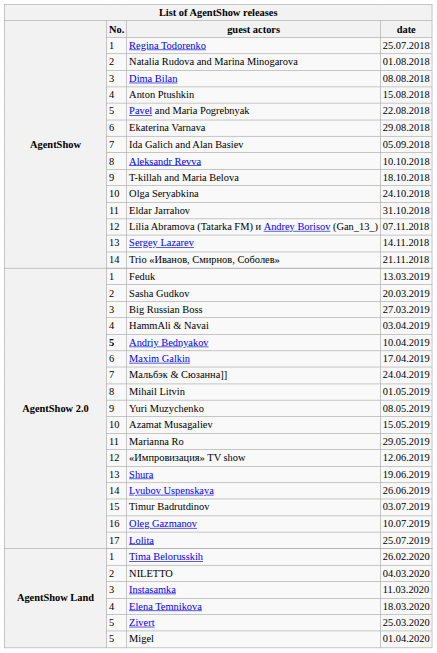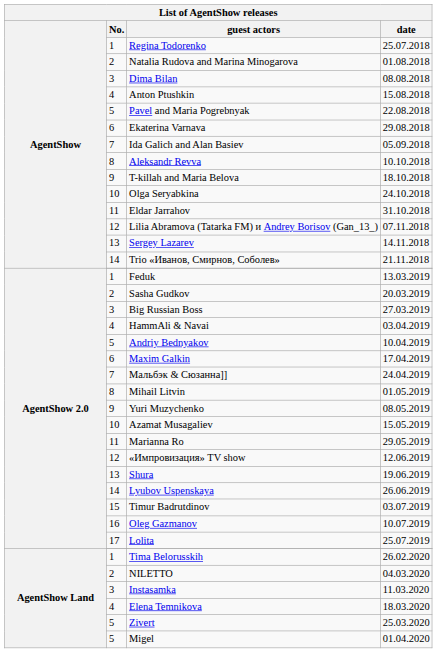 <table class="wikitable collapsible collapsed">
 <tr>
 <th colspan="6">List of AgentShow releases</th>
 </tr>
 <tr>
 <th rowspan="15" width="150">AgentShow</th>
 <th>No.</th>
 <th>guest actors</th>
 <th>date</th>
 </tr>
 <tr>
 <td>1</td>
 <td><a href='#'>Regina Todorenko</a></td>
 <td>25.07.2018</td>
 </tr>
 <tr>
 <td>2</td>
 <td>Natalia Rudova and Marina Minogarova</td>
 <td>01.08.2018</td>
 </tr>
 <tr>
 <td>3</td>
 <td><a href='#'>Dima Bilan</a></td>
 <td>08.08.2018</td>
 </tr>
 <tr>
 <td>4</td>
 <td>Anton Ptushkin</td>
 <td>15.08.2018</td>
 </tr>
 <tr>
 <td>5</td>
 <td><a href='#'>Pavel</a> and Maria Pogrebnyak</td>
 <td>22.08.2018</td>
 </tr>
 <tr>
 <td>6</td>
 <td>Ekaterina Varnava</td>
 <td>29.08.2018</td>
 </tr>
 <tr>
 <td>7</td>
 <td>Ida Galich and Alan Basiev</td>
 <td>05.09.2018</td>
 </tr>
 <tr>
 <td>8</td>
 <td><a href='#'>Aleksandr Revva</a></td>
 <td>10.10.2018</td>
 </tr>
 <tr>
 <td>9</td>
 <td>T-killah and Maria Belova</td>
 <td>18.10.2018</td>
 </tr>
 <tr>
 <td>10</td>
 <td>Olga Seryabkina</td>
 <td>24.10.2018</td>
 </tr>
 <tr>
 <td>11</td>
 <td>Eldar Jarrahov</td>
 <td>31.10.2018</td>
 </tr>
 <tr>
 <td>12</td>
 <td>Lilia Abramova (Tatarka FM) и <a href='#'>Andrey Borisov</a> (Gan_13_)</td>
 <td>07.11.2018</td>
 </tr>
 <tr>
 <td>13</td>
 <td><a href='#'>Sergey Lazarev</a></td>
 <td>14.11.2018</td>
 </tr>
 <tr>
 <td>14</td>
 <td>Trio «Иванов, Смирнов, Соболев»</td>
 <td>21.11.2018</td>
 </tr>
 <tr>
 <th rowspan="18">AgentShow 2.0</th>
 </tr>
 <tr>
 <td>1</td>
 <td>Feduk</td>
 <td>13.03.2019</td>
 </tr>
 <tr>
 <td>2</td>
 <td>Sasha Gudkov</td>
 <td>20.03.2019</td>
 </tr>
 <tr>
 <td>3</td>
 <td>Big Russian Boss</td>
 <td>27.03.2019</td>
 </tr>
 <tr>
 <td>4</td>
 <td>HammAli & Navai</td>
 <td>03.04.2019</td>
 </tr>
 <tr>
-<td><strong>5</strong></td>
+<td>5</td>
 <td><a href='#'>Andriy Bednyakov</a></td>
 <td>10.04.2019</td>
 </tr>
 <tr>
 <td>6</td>
 <td><a href='#'>Maxim Galkin</a></td>
 <td>17.04.2019</td>
 </tr>
 <tr>
 <td>7</td>
 <td>Мальбэк & Сюзанна]]</td>
 <td>24.04.2019</td>
 </tr>
 <tr>
 <td>8</td>
 <td>Mihail Litvin</td>
 <td>01.05.2019</td>
 </tr>
 <tr>
 <td>9</td>
 <td>Yuri Muzychenko</td>
 <td>08.05.2019</td>
 </tr>
 <tr>
 <td>10</td>
 <td>Azamat Musagaliev</td>
 <td>15.05.2019</td>
 </tr>
 <tr>
 <td>11</td>
 <td>Marianna Ro</td>
 <td>29.05.2019</td>
 </tr>
 <tr>
 <td>12</td>
 <td>«Импровизация» TV show</td>
 <td>12.06.2019</td>
 </tr>
 <tr>
 <td>13</td>
 <td><a href='#'>Shura</a></td>
 <td>19.06.2019</td>
 </tr>
 <tr>
 <td>14</td>
 <td><a href='#'>Lyubov Uspenskaya</a></td>
 <td>26.06.2019</td>
 </tr>
 <tr>
 <td>15</td>
 <td>Timur Badrutdinov</td>
 <td>03.07.2019</td>
 </tr>
 <tr>
 <td>16</td>
 <td><a href='#'>Oleg Gazmanov</a></td>
 <td>10.07.2019</td>
 </tr>
 <tr>
 <td>17</td>
 <td><a href='#'>Lolita</a></td>
 <td>25.07.2019</td>
 </tr>
 <tr>
 <th rowspan="7">AgentShow Land</th>
 </tr>
 <tr>
 <td>1</td>
 <td><a href='#'>Tima Belorusskih</a></td>
 <td>26.02.2020</td>
 </tr>
 <tr>
 <td>2</td>
 <td>NILETTO</td>
 <td>04.03.2020</td>
 </tr>
 <tr>
 <td>3</td>
 <td><a href='#'>Instasamka</a></td>
 <td>11.03.2020</td>
 </tr>
 <tr>
 <td>4</td>
 <td><a href='#'>Elena Temnikova</a></td>
 <td>18.03.2020</td>
 </tr>
 <tr>
 <td>5</td>
 <td><a href='#'>Zivert</a></td>
 <td>25.03.2020</td>
 </tr>
 <tr>
 <td>5</td>
 <td>Migel</td>
 <td>01.04.2020</td>
 </tr>
 </table>
